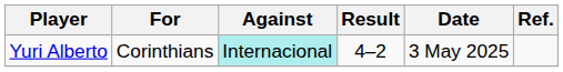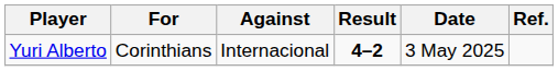 <table class="wikitable">
 <tr>
 <th>Player</th>
 <th>For</th>
 <th>Against</th>
 <th>Result</th>
 <th>Date</th>
 <th>Ref.</th>
 </tr>
 <tr>
 <td> <a href='#'>Yuri Alberto</a></td>
 <td>Corinthians</td>
-<td style="background: paleturquoise;">Internacional</td>
-<td align="center">4–2</td>
+<td>Internacional</td>
+<td align="center"><strong>4–2</strong></td>
 <td>3 May 2025</td>
 <td align="center"></td>
 </tr>
 <tr>
 </tr>
 </table>
